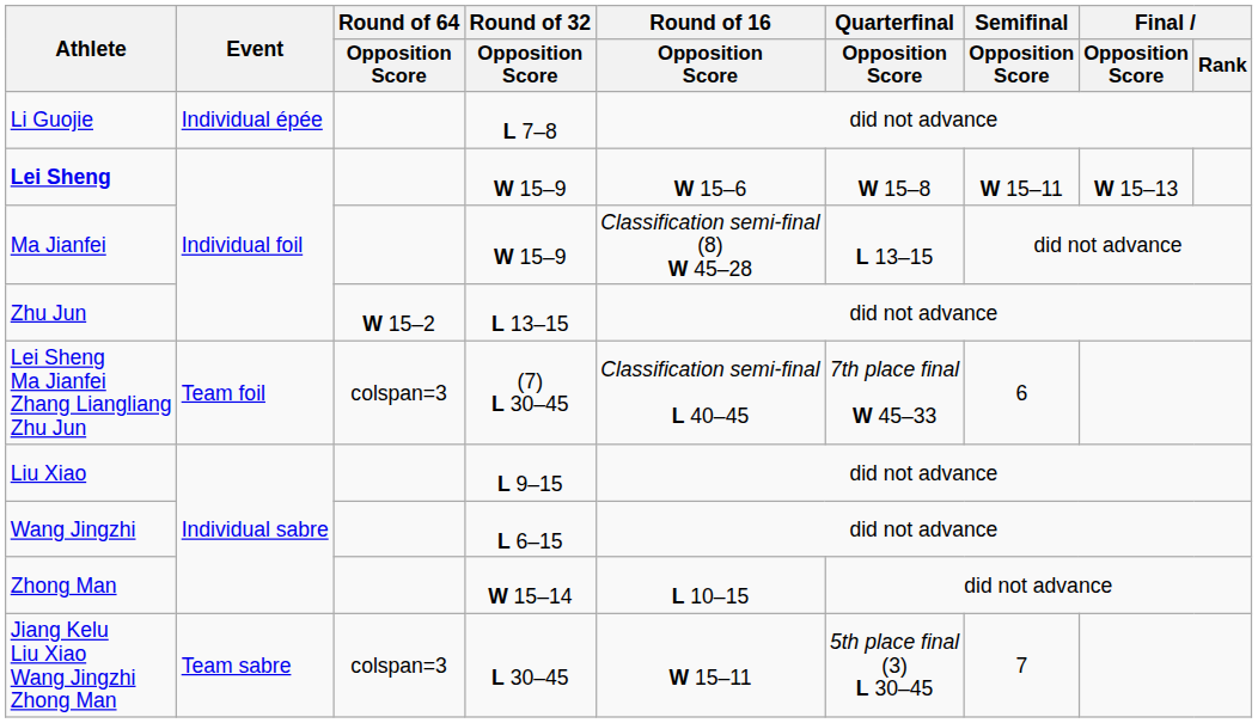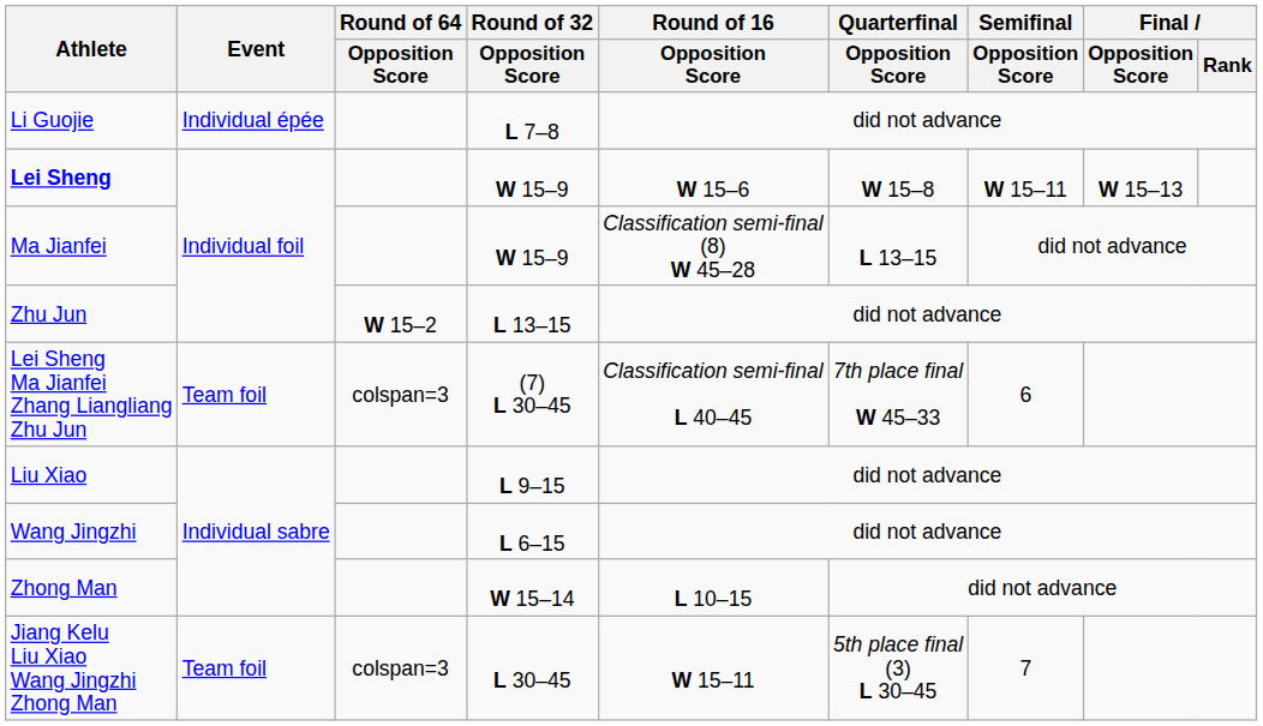 <table class="wikitable" style="font-size:90%">
 <tr>
 <th rowspan=2>Athlete</th>
 <th rowspan=2>Event</th>
 <th>Round of 64</th>
 <th>Round of 32</th>
 <th>Round of 16</th>
 <th>Quarterfinal</th>
 <th>Semifinal</th>
 <th colspan=2>Final / </th>
 </tr>
 <tr style="font-size:95%">
 <th>Opposition <br> Score</th>
 <th>Opposition <br> Score</th>
 <th>Opposition <br> Score</th>
 <th>Opposition <br> Score</th>
 <th>Opposition <br> Score</th>
 <th>Opposition <br> Score</th>
 <th>Rank</th>
 </tr>
 <tr align=center>
 <td align=left><a href='#'>Li Guojie</a></td>
 <td align=left><a href='#'>Individual épée</a></td>
 <td></td>
 <td><br><strong>L</strong> 7–8</td>
 <td colspan=5>did not advance</td>
 </tr>
 <tr align=center>
 <td align=left><strong><a href='#'>Lei Sheng</a></strong></td>
 <td align=left rowspan=3><a href='#'>Individual foil</a></td>
 <td></td>
 <td><br><strong>W</strong> 15–9</td>
 <td><br><strong>W</strong> 15–6</td>
 <td><br><strong>W</strong> 15–8</td>
 <td><br><strong>W</strong> 15–11</td>
 <td><br><strong>W</strong> 15–13</td>
 <td></td>
 </tr>
 <tr align=center>
 <td align=left><a href='#'>Ma Jianfei</a></td>
 <td></td>
 <td><br><strong>W</strong> 15–9</td>
 <td><em>Classification semi-final</em><br> (8)<br><strong>W</strong> 45–28</td>
 <td><br><strong>L</strong> 13–15</td>
 <td colspan=3>did not advance</td>
 </tr>
 <tr align=center>
 <td align=left><a href='#'>Zhu Jun</a></td>
 <td><br><strong>W</strong> 15–2</td>
 <td><br><strong>L</strong> 13–15</td>
 <td colspan=5>did not advance</td>
 </tr>
 <tr align=center>
 <td align=left><a href='#'>Lei Sheng</a><br><a href='#'>Ma Jianfei</a><br><a href='#'>Zhang Liangliang</a><br><a href='#'>Zhu Jun</a></td>
 <td align=left><a href='#'>Team foil</a></td>
 <td>colspan=3 </td>
 <td> (7)<br><strong>L</strong> 30–45</td>
 <td><em>Classification semi-final</em><br><br><strong>L</strong> 40–45</td>
 <td><em>7th place final</em><br><br><strong>W</strong> 45–33</td>
 <td>6</td>
 </tr>
 <tr align=center>
 <td align=left><a href='#'>Liu Xiao</a></td>
 <td align=left rowspan=3><a href='#'>Individual sabre</a></td>
 <td></td>
 <td><br><strong>L</strong> 9–15</td>
 <td colspan=5>did not advance</td>
 </tr>
 <tr align=center>
 <td align=left><a href='#'>Wang Jingzhi</a></td>
 <td></td>
 <td><br><strong>L</strong> 6–15</td>
 <td colspan=5>did not advance</td>
 </tr>
 <tr align=center>
 <td align=left><a href='#'>Zhong Man</a></td>
 <td></td>
 <td><br><strong>W</strong> 15–14</td>
 <td><br><strong>L</strong> 10–15</td>
 <td colspan=4>did not advance</td>
 </tr>
 <tr align=center>
 <td align=left><a href='#'>Jiang Kelu</a><br><a href='#'>Liu Xiao</a><br><a href='#'>Wang Jingzhi</a><br><a href='#'>Zhong Man</a></td>
-<td align=left><a href='#'>Team sabre</a></td>
+<td align=left><a href='#'>Team foil</a></td>
 <td>colspan=3 </td>
 <td><br><strong>L</strong> 30–45</td>
 <td><br><strong>W</strong> 15–11</td>
 <td><em>5th place final</em><br> (3)<br><strong>L</strong> 30–45</td>
 <td>7</td>
 </tr>
 </table>
